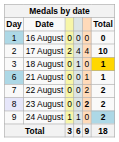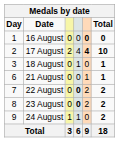 <table class="wikitable" style="font-size:85%; text-align:center;">
 <tr style="background:#efefef;">
 <th colspan=6><strong>Medals by date</strong></th>
 </tr>
 <tr>
 <td><strong>Day</strong></td>
 <td><strong>Date</strong></td>
 <td style="background:#F7F6A8;"></td>
 <td style="background:#DCE5E5;"></td>
 <td style="background:#FFDAB9;"></td>
 <td><strong>Total</strong></td>
 </tr>
 <tr>
-<td style="background: lightblue;">1</td>
+<td>1</td>
 <td>16 August</td>
 <td style="background:#F7F6A8;">0</td>
 <td style="background:#DCE5E5;">0</td>
-<td style="background:#FFDAB9;">0</td>
+<td style="background:#FFDAB9;"><strong>0</strong></td>
 <td><strong>0</strong></td>
 </tr>
 <tr>
 <td>2</td>
 <td>17 August</td>
 <td style="background:#F7F6A8;">2</td>
 <td style="background:#DCE5E5;">4</td>
-<td style="background:#FFDAB9;">4</td>
+<td style="background:#FFDAB9;"><strong>4</strong></td>
 <td><strong>10</strong></td>
 </tr>
 <tr>
 <td>3</td>
 <td>18 August</td>
 <td style="background:#F7F6A8;">0</td>
 <td style="background:#DCE5E5;">1</td>
 <td style="background:#FFDAB9;">0</td>
-<td style="background: gold;"><strong>1</strong></td>
+<td><strong>1</strong></td>
 </tr>
 <tr>
-<td style="background: lightblue;">6</td>
+<td>6</td>
 <td>21 August</td>
 <td style="background:#F7F6A8;">0</td>
 <td style="background:#DCE5E5;">0</td>
 <td style="background:#FFDAB9;">1</td>
 <td><strong>1</strong></td>
 </tr>
 <tr>
 <td>7</td>
 <td>22 August</td>
 <td style="background:#F7F6A8;">0</td>
-<td style="background:#DCE5E5;">0</td>
+<td style="background:#DCE5E5;"><strong>0</strong></td>
 <td style="background:#FFDAB9;">2</td>
 <td><strong>2</strong></td>
 </tr>
 <tr>
-<td style="background: lavender;">8</td>
+<td>8</td>
 <td>23 August</td>
 <td style="background:#F7F6A8;">0</td>
-<td style="background:#DCE5E5;">0</td>
-<td style="background:#FFDAB9;"><strong>2</strong></td>
+<td style="background:#DCE5E5;"><strong>0</strong></td>
+<td style="background:#FFDAB9;">2</td>
 <td><strong>2</strong></td>
 </tr>
 <tr>
 <td>9</td>
 <td>24 August</td>
 <td style="background:#F7F6A8;">1</td>
 <td style="background:#DCE5E5;">1</td>
 <td style="background:#FFDAB9;">0</td>
-<td style="background: lightblue;"><strong>2</strong></td>
+<td><strong>2</strong></td>
 </tr>
 <tr>
 <th colspan="2">Total</th>
 <th>3</th>
 <th>6</th>
 <th>9</th>
 <th>18</th>
 </tr>
 </table>
